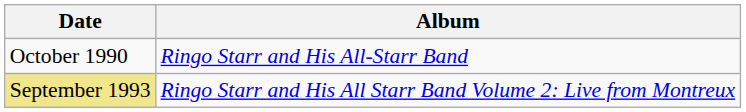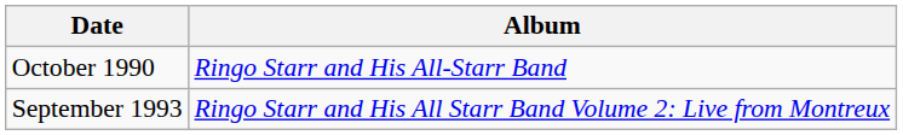 <table class="wikitable">
 <tr>
 <th>Date</th>
 <th>Album</th>
 </tr>
 <tr>
 <td>October 1990</td>
 <td><em><a href='#'>Ringo Starr and His All-Starr Band</a></em></td>
 </tr>
 <tr>
-<td style="background: khaki;">September 1993</td>
+<td>September 1993</td>
 <td><em><a href='#'>Ringo Starr and His All Starr Band Volume 2: Live from Montreux</a></em></td>
 </tr>
 </table>
